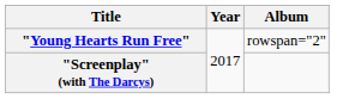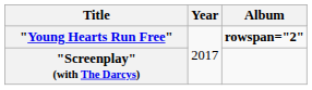 <table class="wikitable plainrowheaders" style="text-align:center;">
 <tr>
 <th scope="col" style="width:13em;">Title</th>
 <th scope="col" style="width:1em;">Year</th>
 <th scope="col">Album</th>
 </tr>
 <tr>
 <th scope="row">"<a href='#'>Young Hearts Run Free</a>"</th>
 <td rowspan="2">2017</td>
-<td>rowspan="2" </td>
+<td><strong>rowspan="2" </strong></td>
 </tr>
 <tr>
 <th scope="row">"Screenplay"<br><small>(with <a href='#'>The Darcys</a>)</small></th>
 </tr>
 </table>
